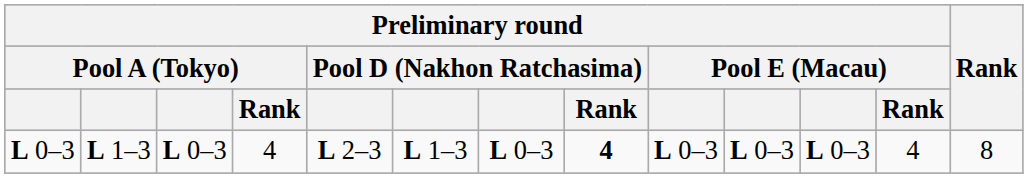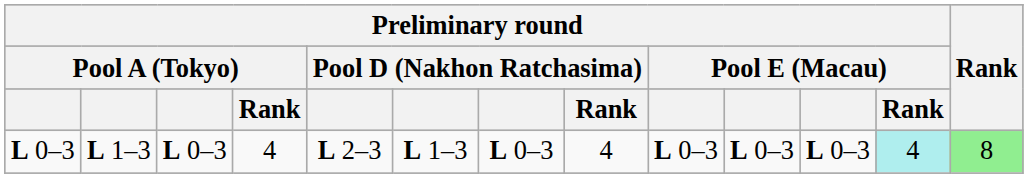 <table class="wikitable" style="font-size:100%;">
 <tr>
 <th colspan=12>Preliminary round</th>
 <th rowspan=3>Rank</th>
 </tr>
 <tr>
 <th colspan=4>Pool A (Tokyo)</th>
 <th colspan=4>Pool D (Nakhon Ratchasima)</th>
 <th colspan=4>Pool E (Macau)</th>
 </tr>
 <tr>
 <th></th>
 <th></th>
 <th></th>
 <th>Rank</th>
 <th></th>
 <th></th>
 <th></th>
 <th>Rank</th>
 <th></th>
 <th></th>
 <th></th>
 <th>Rank</th>
 </tr>
 <tr align=center>
 <td><strong>L</strong> 0–3</td>
 <td><strong>L</strong> 1–3</td>
 <td><strong>L</strong> 0–3</td>
 <td>4</td>
 <td><strong>L</strong> 2–3</td>
 <td><strong>L</strong> 1–3</td>
 <td><strong>L</strong> 0–3</td>
-<td><strong>4</strong></td>
+<td>4</td>
 <td><strong>L</strong> 0–3</td>
 <td><strong>L</strong> 0–3</td>
 <td><strong>L</strong> 0–3</td>
-<td>4</td>
-<td>8</td>
+<td style="background: paleturquoise;">4</td>
+<td style="background: lightgreen;">8</td>
 </tr>
 </table>
